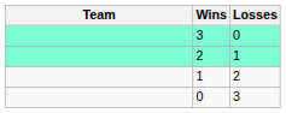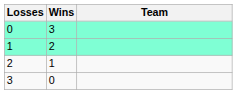 <table class="wikitable">
 <tr>
+<th>Losses</th>
+<th>Wins</th>
 <th width=225>Team</th>
-<th>Wins</th>
-<th>Losses</th>
 </tr>
 <tr style="background:#7FFFD4">
+<td>0</td>
+<td>3</td>
 <td><strong></strong></td>
+</tr>
+<tr style="background:#7FFFD4 ">
+<td>1</td>
+<td>2</td>
+<td><strong></strong></td>
+</tr>
+<tr>
+<td>2</td>
+<td>1</td>
+<td></td>
+</tr>
+<tr>
 <td>3</td>
 <td>0</td>
-</tr>
-<tr style="background:#7FFFD4 ">
-<td><strong></strong></td>
-<td>2</td>
-<td>1</td>
-</tr>
-<tr>
 <td></td>
-<td>1</td>
-<td>2</td>
-</tr>
-<tr>
-<td></td>
-<td>0</td>
-<td>3</td>
 </tr>
 </table>
